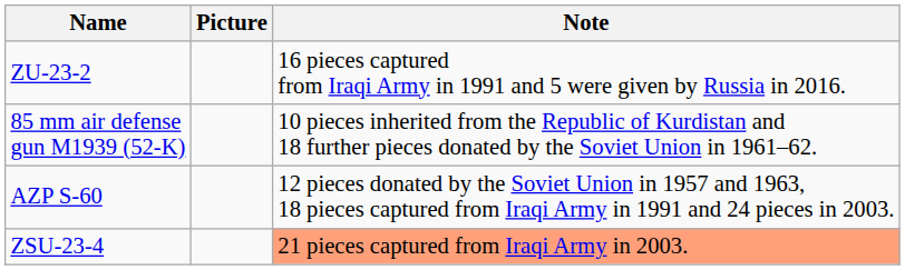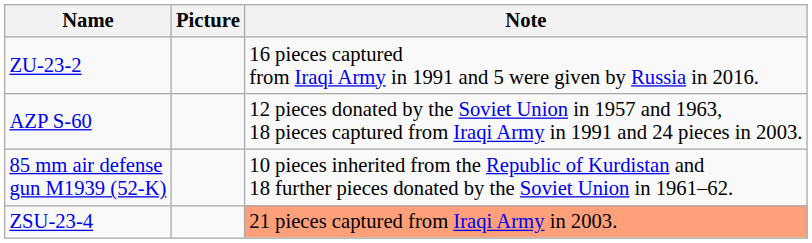 <table class="wikitable">
 <tr>
 <th>Name</th>
 <th>Picture</th>
 <th>Note</th>
 </tr>
 <tr>
 <td><a href='#'>ZU-23-2</a></td>
 <td></td>
 <td>16 pieces captured<br>from <a href='#'>Iraqi Army</a> in 1991 and 5 were given by <a href='#'>Russia</a> in 2016.</td>
 </tr>
 <tr>
+<td><a href='#'>AZP S-60</a></td>
+<td></td>
+<td>12 pieces donated by the <a href='#'>Soviet Union</a> in 1957 and 1963,<br>18 pieces captured from <a href='#'>Iraqi Army</a> in  1991 and 24 pieces in 2003.</td>
+</tr>
+<tr>
 <td><a href='#'>85 mm air defense</a><br><a href='#'>gun M1939 (52-K)</a></td>
 <td></td>
 <td>10 pieces inherited from the <a href='#'>Republic of Kurdistan</a> and<br>18 further pieces donated by the <a href='#'>Soviet Union</a> in 1961–62.</td>
-</tr>
-<tr>
-<td><a href='#'>AZP S-60</a></td>
-<td></td>
-<td>12 pieces donated by the <a href='#'>Soviet Union</a> in 1957 and 1963,<br>18 pieces captured from <a href='#'>Iraqi Army</a> in  1991 and 24 pieces in 2003.</td>
 </tr>
 <tr>
 <td><a href='#'>ZSU-23-4</a></td>
 <td></td>
 <td style="background: lightsalmon;">21 pieces captured from <a href='#'>Iraqi Army</a> in 2003.</td>
 </tr>
 </table>
